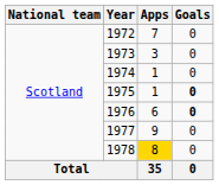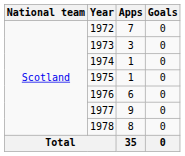 <table class=wikitable style="text-align:center">
 <tr>
 <th>National team</th>
 <th>Year</th>
 <th>Apps</th>
 <th>Goals</th>
 </tr>
 <tr>
 <td rowspan="7"><a href='#'>Scotland</a></td>
 <td>1972</td>
 <td>7</td>
 <td>0</td>
 </tr>
 <tr>
 <td>1973</td>
 <td>3</td>
 <td>0</td>
 </tr>
 <tr>
 <td>1974</td>
 <td>1</td>
 <td>0</td>
 </tr>
 <tr>
 <td>1975</td>
 <td>1</td>
-<td><strong>0</strong></td>
+<td>0</td>
 </tr>
 <tr>
 <td>1976</td>
 <td>6</td>
-<td><strong>0</strong></td>
+<td>0</td>
 </tr>
 <tr>
 <td>1977</td>
 <td>9</td>
 <td>0</td>
 </tr>
 <tr>
 <td>1978</td>
-<td style="background: gold;">8</td>
+<td>8</td>
 <td>0</td>
 </tr>
 <tr>
 <th colspan="2">Total</th>
 <th>35</th>
 <th>0</th>
 </tr>
 </table>
